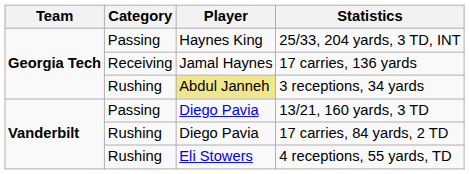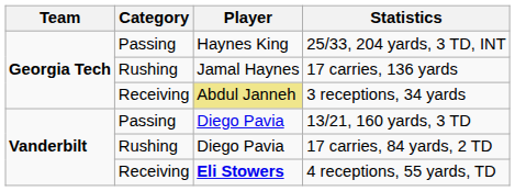 <table class="wikitable" style="float: right;">
 <tr>
 <th>Team</th>
 <th>Category</th>
 <th>Player</th>
 <th>Statistics</th>
 </tr>
 <tr>
 <td rowspan=3><strong>Georgia Tech</strong></td>
 <td>Passing</td>
 <td>Haynes King</td>
 <td>25/33, 204 yards, 3 TD, INT</td>
 </tr>
 <tr>
-<td>Receiving</td>
+<td>Rushing</td>
 <td>Jamal Haynes</td>
 <td>17 carries, 136 yards</td>
 </tr>
 <tr>
-<td>Rushing</td>
+<td>Receiving</td>
 <td style="background: khaki;">Abdul Janneh</td>
 <td>3 receptions, 34 yards</td>
 </tr>
 <tr>
 <td rowspan=3><strong>Vanderbilt</strong></td>
 <td>Passing</td>
 <td><a href='#'>Diego Pavia</a></td>
 <td>13/21, 160 yards, 3 TD</td>
 </tr>
 <tr>
 <td>Rushing</td>
 <td>Diego Pavia</td>
 <td>17 carries, 84 yards, 2 TD</td>
 </tr>
 <tr>
-<td>Rushing</td>
-<td><a href='#'>Eli Stowers</a></td>
+<td>Receiving</td>
+<td><strong><a href='#'>Eli Stowers</a></strong></td>
 <td>4 receptions, 55 yards, TD</td>
 </tr>
 </table>
